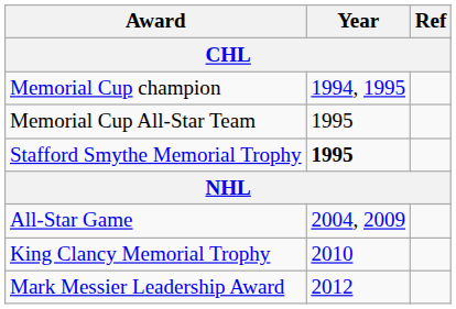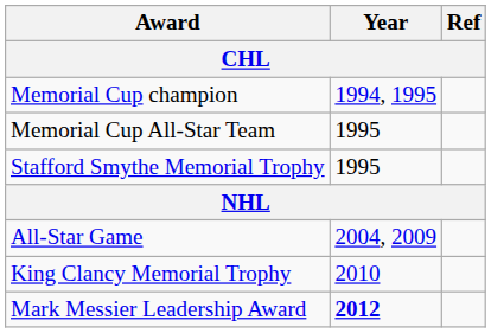 <table class="wikitable">
 <tr>
 <th>Award</th>
 <th>Year</th>
 <th>Ref</th>
 </tr>
 <tr>
 <th colspan="3"><a href='#'>CHL</a></th>
 </tr>
 <tr>
 <td><a href='#'>Memorial Cup</a> champion</td>
 <td><a href='#'>1994</a>, <a href='#'>1995</a></td>
 <td></td>
 </tr>
 <tr>
 <td>Memorial Cup All-Star Team</td>
 <td>1995</td>
 <td></td>
 </tr>
 <tr>
 <td><a href='#'>Stafford Smythe Memorial Trophy</a></td>
-<td><strong>1995</strong></td>
+<td>1995</td>
 <td></td>
 </tr>
 <tr>
 <th colspan="3"><a href='#'>NHL</a></th>
 </tr>
 <tr>
 <td><a href='#'>All-Star Game</a></td>
 <td><a href='#'>2004</a>, <a href='#'>2009</a></td>
 <td></td>
 </tr>
 <tr>
 <td><a href='#'>King Clancy Memorial Trophy</a></td>
 <td><a href='#'>2010</a></td>
 <td></td>
 </tr>
 <tr>
 <td><a href='#'>Mark Messier Leadership Award</a></td>
-<td><a href='#'>2012</a></td>
+<td><strong><a href='#'>2012</a></strong></td>
 <td></td>
 </tr>
 </table>
